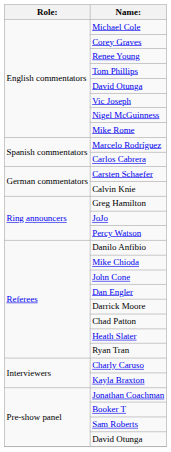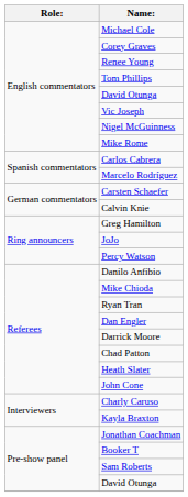 <table class=wikitable style="font-size:90%; margin: 0.5em 0 0.5em 1em; float: right; clear: right;">
 <tr>
 <th>Role:</th>
 <th>Name:</th>
 </tr>
 <tr>
 <td rowspan=8>English commentators</td>
 <td><a href='#'>Michael Cole</a> </td>
 </tr>
 <tr>
 <td><a href='#'>Corey Graves</a> </td>
 </tr>
 <tr>
 <td><a href='#'>Renee Young</a> </td>
 </tr>
 <tr>
 <td><a href='#'>Tom Phillips</a> </td>
 </tr>
 <tr>
 <td><a href='#'>David Otunga</a> </td>
 </tr>
 <tr>
 <td><a href='#'>Vic Joseph</a> </td>
 </tr>
 <tr>
 <td><a href='#'>Nigel McGuinness</a> </td>
 </tr>
 <tr>
 <td><a href='#'>Mike Rome</a> </td>
 </tr>
 <tr>
 <td rowspan=2>Spanish commentators</td>
-<td><a href='#'>Marcelo Rodríguez</a></td>
+<td><a href='#'>Carlos Cabrera</a></td>
 </tr>
 <tr>
-<td><a href='#'>Carlos Cabrera</a></td>
+<td><a href='#'>Marcelo Rodríguez</a></td>
 </tr>
 <tr>
 <td rowspan=2>German commentators</td>
 <td><a href='#'>Carsten Schaefer</a></td>
 </tr>
 <tr>
 <td>Calvin Knie</td>
 </tr>
 <tr>
 <td rowspan=3><a href='#'>Ring announcers</a></td>
 <td>Greg Hamilton </td>
 </tr>
 <tr>
 <td><a href='#'>JoJo</a> </td>
 </tr>
 <tr>
 <td><a href='#'>Percy Watson</a> </td>
 </tr>
 <tr>
 <td rowspan=8><a href='#'>Referees</a></td>
 <td>Danilo Anfibio</td>
 </tr>
 <tr>
 <td><a href='#'>Mike Chioda</a></td>
 </tr>
 <tr>
-<td><a href='#'>John Cone</a></td>
+<td>Ryan Tran</td>
 </tr>
 <tr>
 <td><a href='#'>Dan Engler</a></td>
 </tr>
 <tr>
 <td>Darrick Moore</td>
 </tr>
 <tr>
 <td>Chad Patton</td>
 </tr>
 <tr>
 <td><a href='#'>Heath Slater</a></td>
 </tr>
 <tr>
-<td>Ryan Tran</td>
+<td><a href='#'>John Cone</a></td>
 </tr>
 <tr>
 <td rowspan=2>Interviewers</td>
 <td><a href='#'>Charly Caruso</a></td>
 </tr>
 <tr>
 <td><a href='#'>Kayla Braxton</a></td>
 </tr>
 <tr>
 <td rowspan=4>Pre-show panel</td>
 <td><a href='#'>Jonathan Coachman</a></td>
 </tr>
 <tr>
 <td><a href='#'>Booker T</a></td>
 </tr>
 <tr>
 <td><a href='#'>Sam Roberts</a></td>
 </tr>
 <tr>
 <td>David Otunga</td>
 </tr>
 <tr>
 </tr>
 </table>
